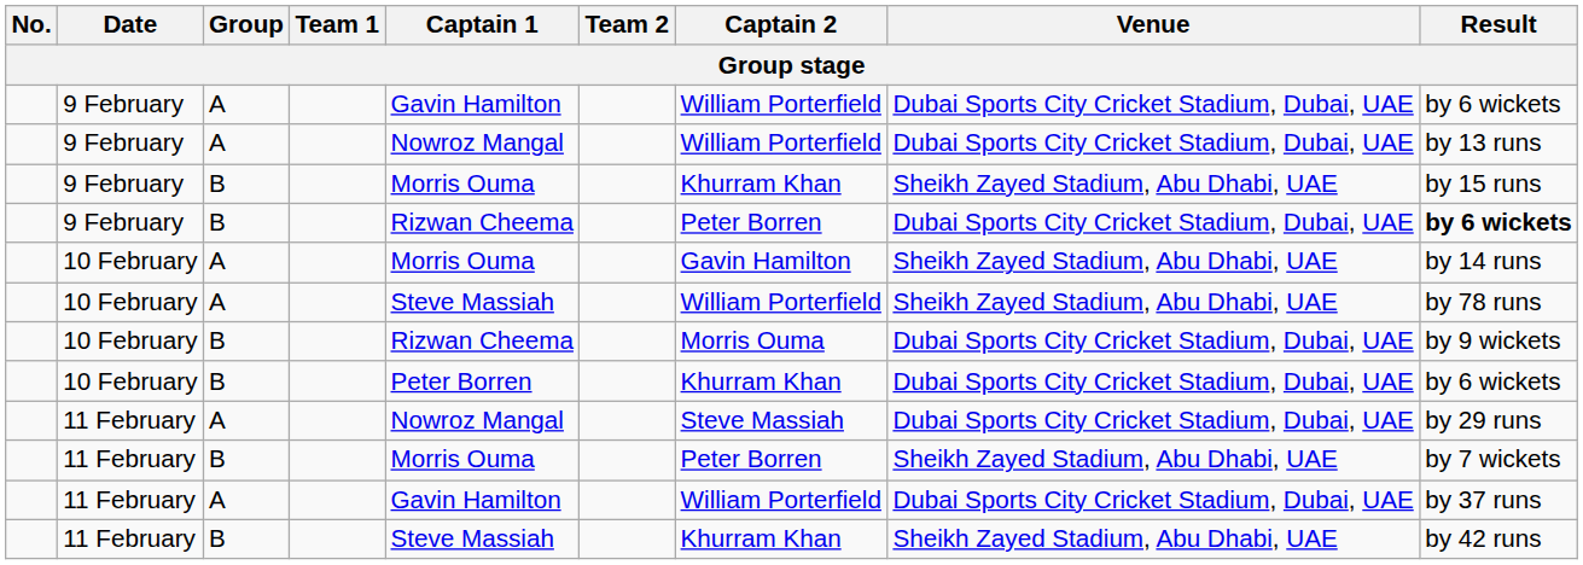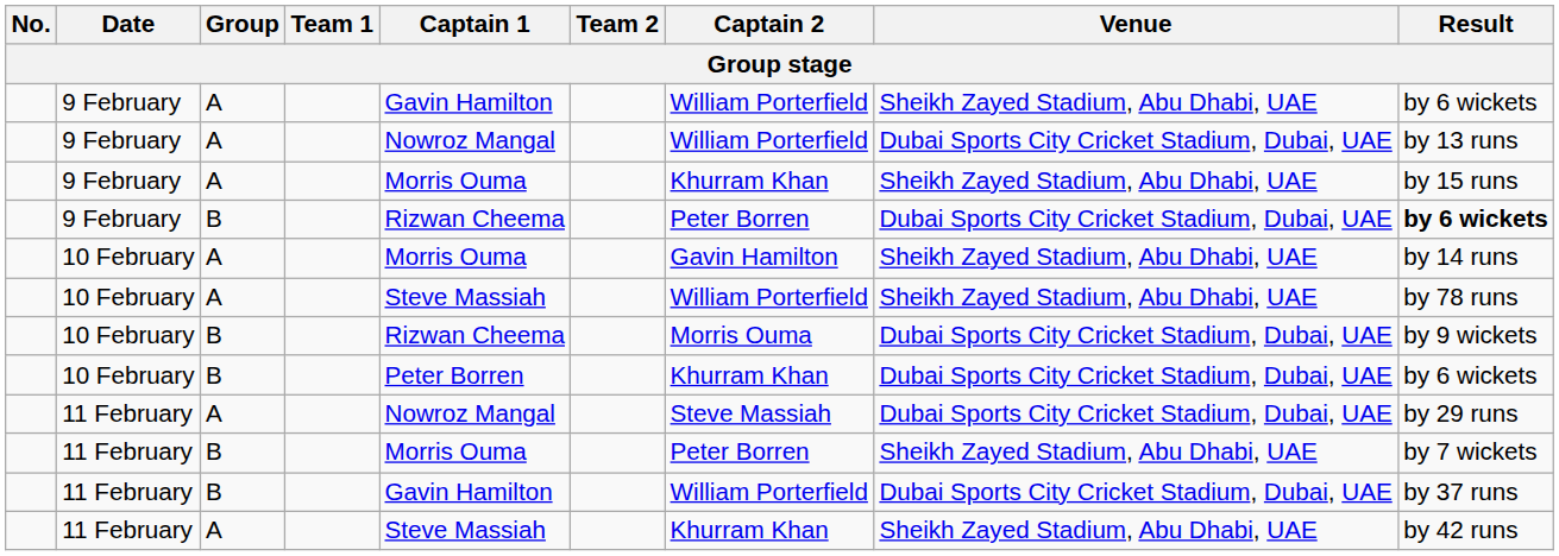 <table class="wikitable">
 <tr>
 <th>No.</th>
 <th>Date</th>
 <th>Group</th>
 <th>Team 1</th>
 <th>Captain 1</th>
 <th>Team 2</th>
 <th>Captain 2</th>
 <th>Venue</th>
 <th>Result</th>
 </tr>
 <tr>
 <th colspan="9">Group stage</th>
 </tr>
 <tr>
 <td></td>
 <td>9 February</td>
 <td>A</td>
 <td></td>
 <td><a href='#'>Gavin Hamilton</a></td>
 <td></td>
 <td><a href='#'>William Porterfield</a></td>
-<td><a href='#'>Dubai Sports City Cricket Stadium</a>, <a href='#'>Dubai</a>, <a href='#'>UAE</a></td>
+<td><a href='#'>Sheikh Zayed Stadium</a>, <a href='#'>Abu Dhabi</a>, <a href='#'>UAE</a></td>
 <td> by 6 wickets</td>
 </tr>
 <tr>
 <td></td>
 <td>9 February</td>
 <td>A</td>
 <td></td>
 <td><a href='#'>Nowroz Mangal</a></td>
 <td></td>
 <td><a href='#'>William Porterfield</a></td>
 <td><a href='#'>Dubai Sports City Cricket Stadium</a>, <a href='#'>Dubai</a>, <a href='#'>UAE</a></td>
 <td> by 13 runs</td>
 </tr>
 <tr>
 <td></td>
 <td>9 February</td>
-<td>B</td>
+<td>A</td>
 <td></td>
 <td><a href='#'>Morris Ouma</a></td>
 <td></td>
 <td><a href='#'>Khurram Khan</a></td>
 <td><a href='#'>Sheikh Zayed Stadium</a>, <a href='#'>Abu Dhabi</a>, <a href='#'>UAE</a></td>
 <td> by 15 runs</td>
 </tr>
 <tr>
 <td></td>
 <td>9 February</td>
 <td>B</td>
 <td></td>
 <td><a href='#'>Rizwan Cheema</a></td>
 <td></td>
 <td><a href='#'>Peter Borren</a></td>
 <td><a href='#'>Dubai Sports City Cricket Stadium</a>, <a href='#'>Dubai</a>, <a href='#'>UAE</a></td>
 <td><strong> by 6 wickets</strong></td>
 </tr>
 <tr>
 <td></td>
 <td>10 February</td>
 <td>A</td>
 <td></td>
 <td><a href='#'>Morris Ouma</a></td>
 <td></td>
 <td><a href='#'>Gavin Hamilton</a></td>
 <td><a href='#'>Sheikh Zayed Stadium</a>, <a href='#'>Abu Dhabi</a>, <a href='#'>UAE</a></td>
 <td> by 14 runs</td>
 </tr>
 <tr>
 <td></td>
 <td>10 February</td>
 <td>A</td>
 <td></td>
 <td><a href='#'>Steve Massiah</a></td>
 <td></td>
 <td><a href='#'>William Porterfield</a></td>
 <td><a href='#'>Sheikh Zayed Stadium</a>, <a href='#'>Abu Dhabi</a>, <a href='#'>UAE</a></td>
 <td> by 78 runs</td>
 </tr>
 <tr>
 <td></td>
 <td>10 February</td>
 <td>B</td>
 <td></td>
 <td><a href='#'>Rizwan Cheema</a></td>
 <td></td>
 <td><a href='#'>Morris Ouma</a></td>
 <td><a href='#'>Dubai Sports City Cricket Stadium</a>, <a href='#'>Dubai</a>, <a href='#'>UAE</a></td>
 <td> by 9 wickets</td>
 </tr>
 <tr>
 <td></td>
 <td>10 February</td>
 <td>B</td>
 <td></td>
 <td><a href='#'>Peter Borren</a></td>
 <td></td>
 <td><a href='#'>Khurram Khan</a></td>
 <td><a href='#'>Dubai Sports City Cricket Stadium</a>, <a href='#'>Dubai</a>, <a href='#'>UAE</a></td>
 <td> by 6 wickets</td>
 </tr>
 <tr>
 <td></td>
 <td>11 February</td>
 <td>A</td>
 <td></td>
 <td><a href='#'>Nowroz Mangal</a></td>
 <td></td>
 <td><a href='#'>Steve Massiah</a></td>
 <td><a href='#'>Dubai Sports City Cricket Stadium</a>, <a href='#'>Dubai</a>, <a href='#'>UAE</a></td>
 <td> by 29 runs</td>
 </tr>
 <tr>
 <td></td>
 <td>11 February</td>
 <td>B</td>
 <td></td>
 <td><a href='#'>Morris Ouma</a></td>
 <td></td>
 <td><a href='#'>Peter Borren</a></td>
 <td><a href='#'>Sheikh Zayed Stadium</a>, <a href='#'>Abu Dhabi</a>, <a href='#'>UAE</a></td>
 <td> by 7 wickets</td>
 </tr>
 <tr>
 <td></td>
 <td>11 February</td>
-<td>A</td>
+<td>B</td>
 <td></td>
 <td><a href='#'>Gavin Hamilton</a></td>
 <td></td>
 <td><a href='#'>William Porterfield</a></td>
 <td><a href='#'>Dubai Sports City Cricket Stadium</a>, <a href='#'>Dubai</a>, <a href='#'>UAE</a></td>
 <td> by 37 runs</td>
 </tr>
 <tr>
 <td></td>
 <td>11 February</td>
-<td>B</td>
+<td>A</td>
 <td></td>
 <td><a href='#'>Steve Massiah</a></td>
 <td></td>
 <td><a href='#'>Khurram Khan</a></td>
 <td><a href='#'>Sheikh Zayed Stadium</a>, <a href='#'>Abu Dhabi</a>, <a href='#'>UAE</a></td>
 <td> by 42 runs</td>
 </tr>
 </table>
